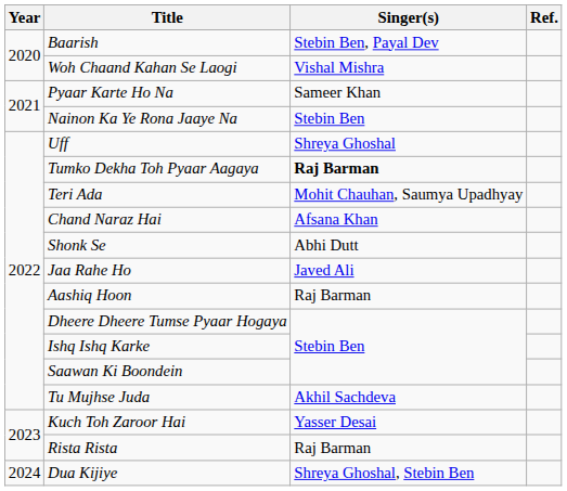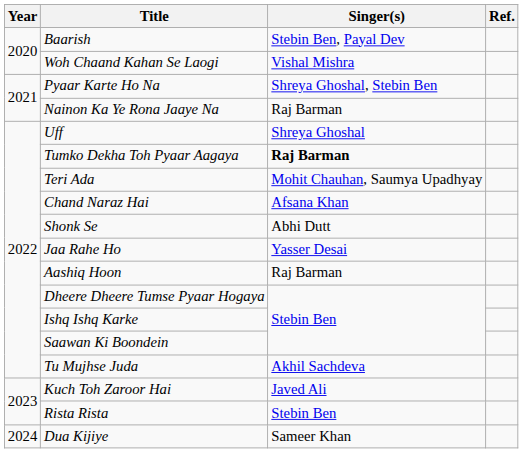 <table class="wikitable plainrowheaders sortable" style="margin-right: 0;">
 <tr>
 <th scope="col">Year</th>
 <th scope="col">Title</th>
 <th scope="col">Singer(s)</th>
 <th>Ref.</th>
 </tr>
 <tr>
 <td rowspan="2">2020</td>
 <td><em>Baarish</em></td>
 <td><a href='#'>Stebin Ben</a>, <a href='#'>Payal Dev</a></td>
 <td></td>
 </tr>
 <tr>
 <td><em>Woh Chaand Kahan Se Laogi</em></td>
 <td><a href='#'>Vishal Mishra</a></td>
 <td></td>
 </tr>
 <tr>
 <td rowspan="2">2021</td>
 <td><em>Pyaar Karte Ho Na</em></td>
-<td>Sameer Khan</td>
+<td><a href='#'>Shreya Ghoshal</a>, <a href='#'>Stebin Ben</a></td>
 <td></td>
 </tr>
 <tr>
 <td><em>Nainon Ka Ye Rona Jaaye Na</em></td>
-<td><a href='#'>Stebin Ben</a></td>
+<td>Raj Barman</td>
 <td></td>
 </tr>
 <tr>
 <td rowspan="11">2022</td>
 <td><em>Uff</em></td>
 <td><a href='#'>Shreya Ghoshal</a></td>
 <td></td>
 </tr>
 <tr>
 <td><em>Tumko Dekha Toh Pyaar Aagaya</em></td>
 <td><strong>Raj Barman</strong></td>
 <td></td>
 </tr>
 <tr>
 <td><em>Teri Ada</em></td>
 <td><a href='#'>Mohit Chauhan</a>, Saumya Upadhyay</td>
 <td></td>
 </tr>
 <tr>
 <td><em>Chand Naraz Hai</em></td>
 <td><a href='#'>Afsana Khan</a></td>
 <td></td>
 </tr>
 <tr>
 <td><em>Shonk Se</em></td>
 <td>Abhi Dutt</td>
 <td></td>
 </tr>
 <tr>
 <td><em>Jaa Rahe Ho</em></td>
-<td><a href='#'>Javed Ali</a></td>
+<td><a href='#'>Yasser Desai</a></td>
 <td></td>
 </tr>
 <tr>
 <td><em>Aashiq Hoon</em></td>
 <td>Raj Barman</td>
 <td></td>
 </tr>
 <tr>
 <td><em>Dheere Dheere Tumse Pyaar Hogaya</em></td>
 <td rowspan="3"><a href='#'>Stebin Ben</a></td>
 <td></td>
 </tr>
 <tr>
 <td><em>Ishq Ishq Karke</em></td>
 <td></td>
 </tr>
 <tr>
 <td><em>Saawan Ki Boondein</em></td>
 <td></td>
 </tr>
 <tr>
 <td><em>Tu Mujhse Juda</em></td>
 <td><a href='#'>Akhil Sachdeva</a></td>
 <td></td>
 </tr>
 <tr>
 <td rowspan="2">2023</td>
 <td><em>Kuch Toh Zaroor Hai</em></td>
-<td><a href='#'>Yasser Desai</a></td>
+<td><a href='#'>Javed Ali</a></td>
 <td></td>
 </tr>
 <tr>
 <td><em>Rista Rista</em></td>
-<td>Raj Barman</td>
+<td><a href='#'>Stebin Ben</a></td>
 <td></td>
 </tr>
 <tr>
 <td>2024</td>
 <td><em>Dua Kijiye</em></td>
-<td><a href='#'>Shreya Ghoshal</a>, <a href='#'>Stebin Ben</a></td>
+<td>Sameer Khan</td>
 <td></td>
 </tr>
 </table>
